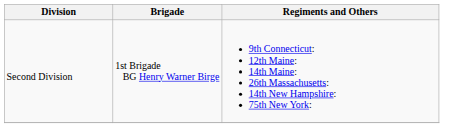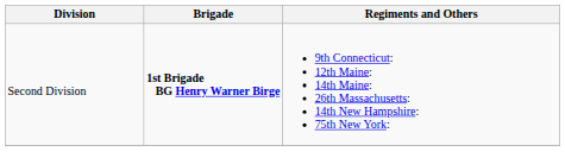 <table class="wikitable">
 <tr>
 <th width=25%>Division</th>
 <th width=25%>Brigade</th>
 <th>Regiments and Others</th>
 </tr>
 <tr>
 <td rowspan=1><br>Second Division</td>
-<td>1st Brigade<br>   BG <a href='#'>Henry Warner Birge</a></td>
+<td><strong>1st Brigade<br>   BG <a href='#'>Henry Warner Birge</a></strong></td>
 <td><br><ul><li><a href='#'>9th Connecticut</a>:</li><li><a href='#'>12th Maine</a>:</li><li><a href='#'>14th Maine</a>:</li><li><a href='#'>26th Massachusetts</a>:</li><li><a href='#'>14th New Hampshire</a>:</li><li><a href='#'>75th New York</a>:</li></ul></td>
 </tr>
 <tr>
 </tr>
 </table>
